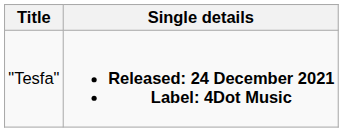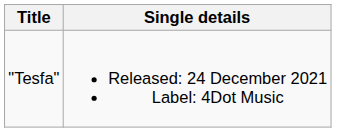 <table class="wikitable mw-collapsible plainrowheaders" style="text-align:center;">
 <tr>
 <th>Title</th>
 <th scope="col" style="padding:0 8px;">Single details</th>
 </tr>
 <tr>
 <td>"Tesfa"</td>
-<td><strong><br><ul><li>Released: 24 December 2021</li><li>Label: 4Dot Music</li></ul></strong></td>
+<td><br><ul><li>Released: 24 December 2021</li><li>Label: 4Dot Music</li></ul></td>
 </tr>
 </table>
